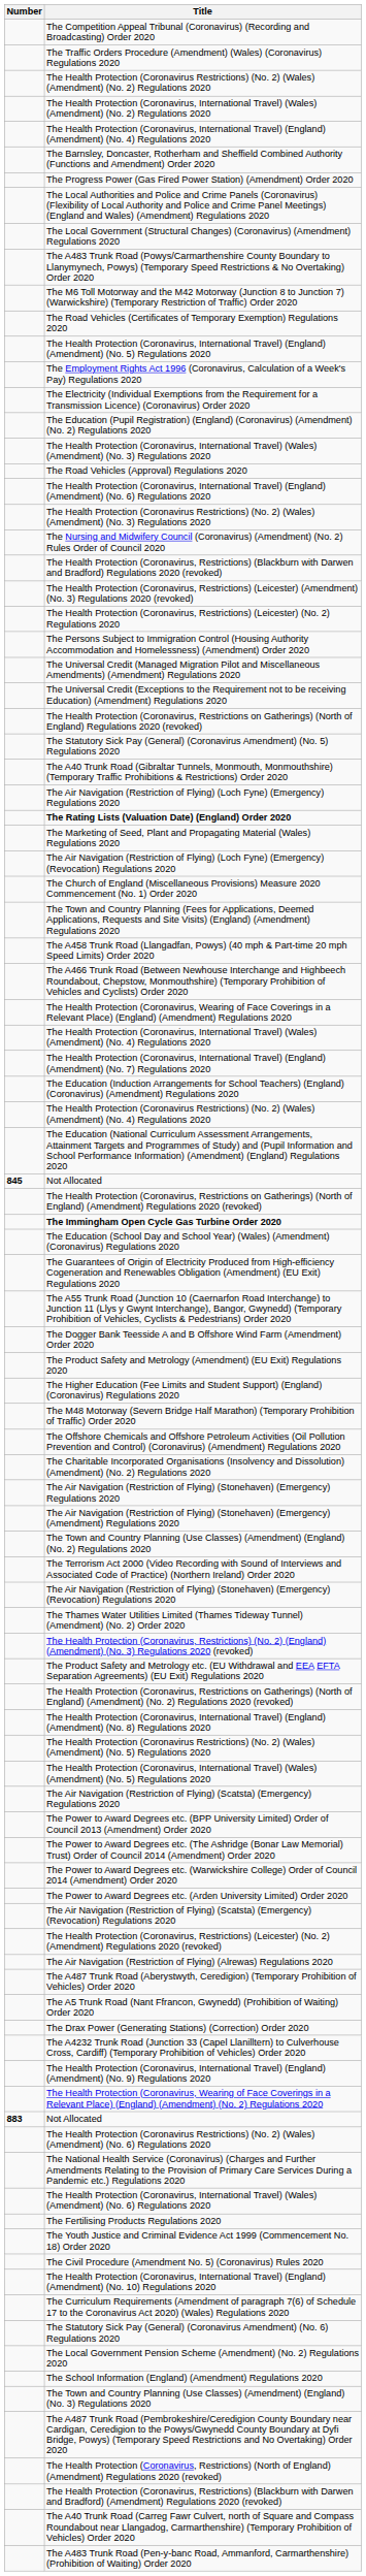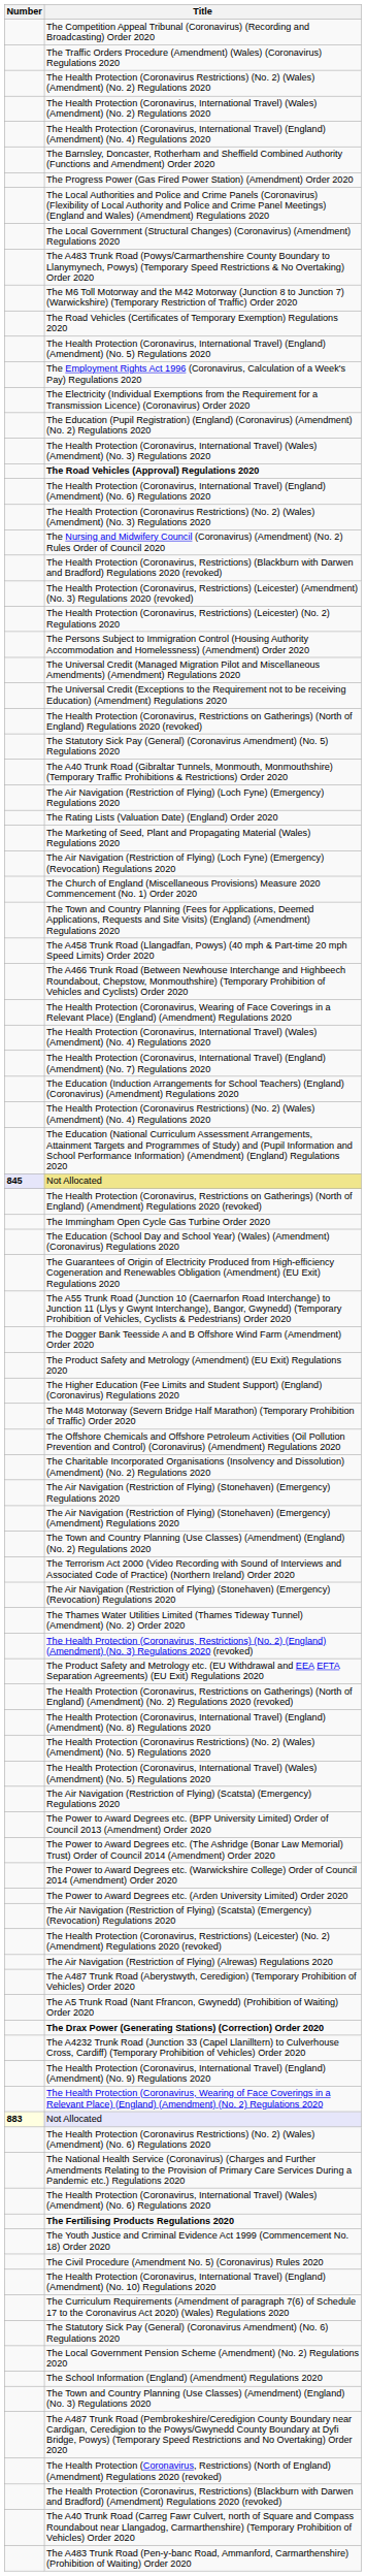 <table class="wikitable collapsible">
 <tr>
 <th>Number</th>
 <th>Title</th>
 </tr>
 <tr>
 <td></td>
 <td>The Competition Appeal Tribunal (Coronavirus) (Recording and Broadcasting) Order 2020</td>
 </tr>
 <tr>
 <td></td>
 <td>The Traffic Orders Procedure (Amendment) (Wales) (Coronavirus) Regulations 2020</td>
 </tr>
 <tr>
 <td></td>
 <td>The Health Protection (Coronavirus Restrictions) (No. 2) (Wales) (Amendment) (No. 2) Regulations 2020</td>
 </tr>
 <tr>
 <td></td>
 <td>The Health Protection (Coronavirus, International Travel) (Wales) (Amendment) (No. 2) Regulations 2020</td>
 </tr>
 <tr>
 <td></td>
 <td>The Health Protection (Coronavirus, International Travel) (England) (Amendment) (No. 4) Regulations 2020</td>
 </tr>
 <tr>
 <td></td>
 <td>The Barnsley, Doncaster, Rotherham and Sheffield Combined Authority (Functions and Amendment) Order 2020</td>
 </tr>
 <tr>
 <td></td>
 <td>The Progress Power (Gas Fired Power Station) (Amendment) Order 2020</td>
 </tr>
 <tr>
 <td></td>
 <td>The Local Authorities and Police and Crime Panels (Coronavirus) (Flexibility of Local Authority and Police and Crime Panel Meetings) (England and Wales) (Amendment) Regulations 2020</td>
 </tr>
 <tr>
 <td></td>
 <td>The Local Government (Structural Changes) (Coronavirus) (Amendment) Regulations 2020</td>
 </tr>
 <tr>
 <td></td>
 <td>The A483 Trunk Road (Powys/Carmarthenshire County Boundary to Llanymynech, Powys) (Temporary Speed Restrictions & No Overtaking) Order 2020</td>
 </tr>
 <tr>
 <td></td>
 <td>The M6 Toll Motorway and the M42 Motorway (Junction 8 to Junction 7) (Warwickshire) (Temporary Restriction of Traffic) Order 2020</td>
 </tr>
 <tr>
 <td></td>
 <td>The Road Vehicles (Certificates of Temporary Exemption) Regulations 2020</td>
 </tr>
 <tr>
 <td></td>
 <td>The Health Protection (Coronavirus, International Travel) (England) (Amendment) (No. 5) Regulations 2020</td>
 </tr>
 <tr>
 <td></td>
 <td>The <a href='#'>Employment Rights Act 1996</a> (Coronavirus, Calculation of a Week's Pay) Regulations 2020</td>
 </tr>
 <tr>
 <td></td>
 <td>The Electricity (Individual Exemptions from the Requirement for a Transmission Licence) (Coronavirus) Order 2020</td>
 </tr>
 <tr>
 <td></td>
 <td>The Education (Pupil Registration) (England) (Coronavirus) (Amendment) (No. 2) Regulations 2020</td>
 </tr>
 <tr>
 <td></td>
 <td>The Health Protection (Coronavirus, International Travel) (Wales) (Amendment) (No. 3) Regulations 2020</td>
 </tr>
 <tr>
 <td></td>
-<td>The Road Vehicles (Approval) Regulations 2020</td>
+<td><strong>The Road Vehicles (Approval) Regulations 2020</strong></td>
 </tr>
 <tr>
 <td></td>
 <td>The Health Protection (Coronavirus, International Travel) (England) (Amendment) (No. 6) Regulations 2020</td>
 </tr>
 <tr>
 <td></td>
 <td>The Health Protection (Coronavirus Restrictions) (No. 2) (Wales) (Amendment) (No. 3) Regulations 2020</td>
 </tr>
 <tr>
 <td></td>
 <td>The <a href='#'>Nursing and Midwifery Council</a> (Coronavirus) (Amendment) (No. 2) Rules Order of Council 2020</td>
 </tr>
 <tr>
 <td></td>
 <td>The Health Protection (Coronavirus, Restrictions) (Blackburn with Darwen and Bradford) Regulations 2020 (revoked)</td>
 </tr>
 <tr>
 <td></td>
 <td>The Health Protection (Coronavirus, Restrictions) (Leicester) (Amendment) (No. 3) Regulations 2020 (revoked)</td>
 </tr>
 <tr>
 <td></td>
 <td>The Health Protection (Coronavirus, Restrictions) (Leicester) (No. 2) Regulations 2020</td>
 </tr>
 <tr>
 <td></td>
 <td>The Persons Subject to Immigration Control (Housing Authority Accommodation and Homelessness) (Amendment) Order 2020</td>
 </tr>
 <tr>
 <td></td>
 <td>The Universal Credit (Managed Migration Pilot and Miscellaneous Amendments) (Amendment) Regulations 2020</td>
 </tr>
 <tr>
 <td></td>
 <td>The Universal Credit (Exceptions to the Requirement not to be receiving Education) (Amendment) Regulations 2020</td>
 </tr>
 <tr>
 <td></td>
 <td>The Health Protection (Coronavirus, Restrictions on Gatherings) (North of England) Regulations 2020 (revoked)</td>
 </tr>
 <tr>
 <td></td>
 <td>The Statutory Sick Pay (General) (Coronavirus Amendment) (No. 5) Regulations 2020</td>
 </tr>
 <tr>
 <td></td>
 <td>The A40 Trunk Road (Gibraltar Tunnels, Monmouth, Monmouthshire) (Temporary Traffic Prohibitions & Restrictions) Order 2020</td>
 </tr>
 <tr>
 <td></td>
 <td>The Air Navigation (Restriction of Flying) (Loch Fyne) (Emergency) Regulations 2020</td>
 </tr>
 <tr>
 <td></td>
-<td><strong>The Rating Lists (Valuation Date) (England) Order 2020</strong></td>
+<td>The Rating Lists (Valuation Date) (England) Order 2020</td>
 </tr>
 <tr>
 <td></td>
 <td>The Marketing of Seed, Plant and Propagating Material (Wales) Regulations 2020</td>
 </tr>
 <tr>
 <td></td>
 <td>The Air Navigation (Restriction of Flying) (Loch Fyne) (Emergency) (Revocation) Regulations 2020</td>
 </tr>
 <tr>
 <td></td>
 <td>The Church of England (Miscellaneous Provisions) Measure 2020 Commencement (No. 1) Order 2020</td>
 </tr>
 <tr>
 <td></td>
 <td>The Town and Country Planning (Fees for Applications, Deemed Applications, Requests and Site Visits) (England) (Amendment) Regulations 2020</td>
 </tr>
 <tr>
 <td></td>
 <td>The A458 Trunk Road (Llangadfan, Powys) (40 mph & Part-time 20 mph Speed Limits) Order 2020</td>
 </tr>
 <tr>
 <td></td>
 <td>The A466 Trunk Road (Between Newhouse Interchange and Highbeech Roundabout, Chepstow, Monmouthshire) (Temporary Prohibition of Vehicles and Cyclists) Order 2020</td>
 </tr>
 <tr>
 <td></td>
 <td>The Health Protection (Coronavirus, Wearing of Face Coverings in a Relevant Place) (England) (Amendment) Regulations 2020</td>
 </tr>
 <tr>
 <td></td>
 <td>The Health Protection (Coronavirus, International Travel) (Wales) (Amendment) (No. 4) Regulations 2020</td>
 </tr>
 <tr>
 <td></td>
 <td>The Health Protection (Coronavirus, International Travel) (England) (Amendment) (No. 7) Regulations 2020</td>
 </tr>
 <tr>
 <td></td>
 <td>The Education (Induction Arrangements for School Teachers) (England) (Coronavirus) (Amendment) Regulations 2020</td>
 </tr>
 <tr>
 <td></td>
 <td>The Health Protection (Coronavirus Restrictions) (No. 2) (Wales) (Amendment) (No. 4) Regulations 2020</td>
 </tr>
 <tr>
 <td></td>
 <td>The Education (National Curriculum Assessment Arrangements, Attainment Targets and Programmes of Study) and (Pupil Information and School Performance Information) (Amendment) (England) Regulations 2020</td>
 </tr>
 <tr>
-<td><strong>845</strong></td>
-<td>Not Allocated</td>
+<td style="background: lavender;"><strong>845</strong></td>
+<td style="background: khaki;">Not Allocated</td>
 </tr>
 <tr>
 <td></td>
 <td>The Health Protection (Coronavirus, Restrictions on Gatherings) (North of England) (Amendment) Regulations 2020 (revoked)</td>
 </tr>
 <tr>
 <td></td>
-<td><strong>The Immingham Open Cycle Gas Turbine Order 2020</strong></td>
+<td>The Immingham Open Cycle Gas Turbine Order 2020</td>
 </tr>
 <tr>
 <td></td>
 <td>The Education (School Day and School Year) (Wales) (Amendment) (Coronavirus) Regulations 2020</td>
 </tr>
 <tr>
 <td></td>
 <td>The Guarantees of Origin of Electricity Produced from High-efficiency Cogeneration and Renewables Obligation (Amendment) (EU Exit) Regulations 2020</td>
 </tr>
 <tr>
 <td></td>
 <td>The A55 Trunk Road (Junction 10 (Caernarfon Road Interchange) to Junction 11 (Llys y Gwynt Interchange), Bangor, Gwynedd) (Temporary Prohibition of Vehicles, Cyclists & Pedestrians) Order 2020</td>
 </tr>
 <tr>
 <td></td>
 <td>The Dogger Bank Teesside A and B Offshore Wind Farm (Amendment) Order 2020</td>
 </tr>
 <tr>
 <td></td>
 <td>The Product Safety and Metrology (Amendment) (EU Exit) Regulations 2020</td>
 </tr>
 <tr>
 <td></td>
 <td>The Higher Education (Fee Limits and Student Support) (England) (Coronavirus) Regulations 2020</td>
 </tr>
 <tr>
 <td></td>
 <td>The M48 Motorway (Severn Bridge Half Marathon) (Temporary Prohibition of Traffic) Order 2020</td>
 </tr>
 <tr>
 <td></td>
 <td>The Offshore Chemicals and Offshore Petroleum Activities (Oil Pollution Prevention and Control) (Coronavirus) (Amendment) Regulations 2020</td>
 </tr>
 <tr>
 <td></td>
 <td>The Charitable Incorporated Organisations (Insolvency and Dissolution) (Amendment) (No. 2) Regulations 2020</td>
 </tr>
 <tr>
 <td></td>
 <td>The Air Navigation (Restriction of Flying) (Stonehaven) (Emergency) Regulations 2020</td>
 </tr>
 <tr>
 <td></td>
 <td>The Air Navigation (Restriction of Flying) (Stonehaven) (Emergency) (Amendment) Regulations 2020</td>
 </tr>
 <tr>
 <td></td>
 <td>The Town and Country Planning (Use Classes) (Amendment) (England) (No. 2) Regulations 2020</td>
 </tr>
 <tr>
 <td></td>
 <td>The Terrorism Act 2000 (Video Recording with Sound of Interviews and Associated Code of Practice) (Northern Ireland) Order 2020</td>
 </tr>
 <tr>
 <td></td>
 <td>The Air Navigation (Restriction of Flying) (Stonehaven) (Emergency) (Revocation) Regulations 2020</td>
 </tr>
 <tr>
 <td></td>
 <td>The Thames Water Utilities Limited (Thames Tideway Tunnel) (Amendment) (No. 2) Order 2020</td>
 </tr>
 <tr>
 <td></td>
 <td><a href='#'>The Health Protection (Coronavirus, Restrictions) (No. 2) (England) (Amendment) (No. 3) Regulations 2020</a> (revoked)</td>
 </tr>
 <tr>
 <td></td>
 <td>The Product Safety and Metrology etc. (EU Withdrawal and <a href='#'>EEA</a> <a href='#'>EFTA</a> Separation Agreements) (EU Exit) Regulations 2020</td>
 </tr>
 <tr>
 <td></td>
 <td>The Health Protection (Coronavirus, Restrictions on Gatherings) (North of England) (Amendment) (No. 2) Regulations 2020 (revoked)</td>
 </tr>
 <tr>
 <td></td>
 <td>The Health Protection (Coronavirus, International Travel) (England) (Amendment) (No. 8) Regulations 2020</td>
 </tr>
 <tr>
 <td></td>
 <td>The Health Protection (Coronavirus Restrictions) (No. 2) (Wales) (Amendment) (No. 5) Regulations 2020</td>
 </tr>
 <tr>
 <td></td>
 <td>The Health Protection (Coronavirus, International Travel) (Wales) (Amendment) (No. 5) Regulations 2020</td>
 </tr>
 <tr>
 <td></td>
 <td>The Air Navigation (Restriction of Flying) (Scatsta) (Emergency) Regulations 2020</td>
 </tr>
 <tr>
 <td></td>
 <td>The Power to Award Degrees etc. (BPP University Limited) Order of Council 2013 (Amendment) Order 2020</td>
 </tr>
 <tr>
 <td></td>
 <td>The Power to Award Degrees etc. (The Ashridge (Bonar Law Memorial) Trust) Order of Council 2014 (Amendment) Order 2020</td>
 </tr>
 <tr>
 <td></td>
 <td>The Power to Award Degrees etc. (Warwickshire College) Order of Council 2014 (Amendment) Order 2020</td>
 </tr>
 <tr>
 <td></td>
 <td>The Power to Award Degrees etc. (Arden University Limited) Order 2020</td>
 </tr>
 <tr>
 <td></td>
 <td>The Air Navigation (Restriction of Flying) (Scatsta) (Emergency) (Revocation) Regulations 2020</td>
 </tr>
 <tr>
 <td></td>
 <td>The Health Protection (Coronavirus, Restrictions) (Leicester) (No. 2) (Amendment) Regulations 2020 (revoked)</td>
 </tr>
 <tr>
 <td></td>
 <td>The Air Navigation (Restriction of Flying) (Alrewas) Regulations 2020</td>
 </tr>
 <tr>
 <td></td>
 <td>The A487 Trunk Road (Aberystwyth, Ceredigion) (Temporary Prohibition of Vehicles) Order 2020</td>
 </tr>
 <tr>
 <td></td>
 <td>The A5 Trunk Road (Nant Ffrancon, Gwynedd) (Prohibition of Waiting) Order 2020</td>
 </tr>
 <tr>
 <td></td>
-<td>The Drax Power (Generating Stations) (Correction) Order 2020</td>
+<td><strong>The Drax Power (Generating Stations) (Correction) Order 2020</strong></td>
 </tr>
 <tr>
 <td></td>
 <td>The A4232 Trunk Road (Junction 33 (Capel Llanilltern) to Culverhouse Cross, Cardiff) (Temporary Prohibition of Vehicles) Order 2020</td>
 </tr>
 <tr>
 <td></td>
 <td>The Health Protection (Coronavirus, International Travel) (England) (Amendment) (No. 9) Regulations 2020</td>
 </tr>
 <tr>
 <td></td>
 <td><a href='#'>The Health Protection (Coronavirus, Wearing of Face Coverings in a Relevant Place) (England) (Amendment) (No. 2) Regulations 2020</a></td>
 </tr>
 <tr>
-<td><strong>883</strong></td>
-<td>Not Allocated</td>
+<td style="background: lightyellow;"><strong>883</strong></td>
+<td style="background: lavender;">Not Allocated</td>
 </tr>
 <tr>
 <td></td>
 <td>The Health Protection (Coronavirus Restrictions) (No. 2) (Wales) (Amendment) (No. 6) Regulations 2020</td>
 </tr>
 <tr>
 <td></td>
 <td>The National Health Service (Coronavirus) (Charges and Further Amendments Relating to the Provision of Primary Care Services During a Pandemic etc.) Regulations 2020</td>
 </tr>
 <tr>
 <td></td>
 <td>The Health Protection (Coronavirus, International Travel) (Wales) (Amendment) (No. 6) Regulations 2020</td>
 </tr>
 <tr>
 <td></td>
-<td>The Fertilising Products Regulations 2020</td>
+<td><strong>The Fertilising Products Regulations 2020</strong></td>
 </tr>
 <tr>
 <td></td>
 <td>The Youth Justice and Criminal Evidence Act 1999 (Commencement No. 18) Order 2020</td>
 </tr>
 <tr>
 <td></td>
 <td>The Civil Procedure (Amendment No. 5) (Coronavirus) Rules 2020</td>
 </tr>
 <tr>
 <td></td>
 <td>The Health Protection (Coronavirus, International Travel) (England) (Amendment) (No. 10) Regulations 2020</td>
 </tr>
 <tr>
 <td></td>
 <td>The Curriculum Requirements (Amendment of paragraph 7(6) of Schedule 17 to the Coronavirus Act 2020) (Wales) Regulations 2020</td>
 </tr>
 <tr>
 <td></td>
 <td>The Statutory Sick Pay (General) (Coronavirus Amendment) (No. 6) Regulations 2020</td>
 </tr>
 <tr>
 <td></td>
 <td>The Local Government Pension Scheme (Amendment) (No. 2) Regulations 2020</td>
 </tr>
 <tr>
 <td></td>
 <td>The School Information (England) (Amendment) Regulations 2020</td>
 </tr>
 <tr>
 <td></td>
 <td>The Town and Country Planning (Use Classes) (Amendment) (England) (No. 3) Regulations 2020</td>
 </tr>
 <tr>
 <td></td>
 <td>The A487 Trunk Road (Pembrokeshire/Ceredigion County Boundary near Cardigan, Ceredigion to the Powys/Gwynedd County Boundary at Dyfi Bridge, Powys) (Temporary Speed Restrictions and No Overtaking) Order 2020</td>
 </tr>
 <tr>
 <td></td>
 <td>The Health Protection (<a href='#'>Coronavirus</a>, Restrictions) (North of England) (Amendment) Regulations 2020 (revoked)</td>
 </tr>
 <tr>
 <td></td>
 <td>The Health Protection (Coronavirus, Restrictions) (Blackburn with Darwen and Bradford) (Amendment) Regulations 2020 (revoked)</td>
 </tr>
 <tr>
 <td></td>
 <td>The A40 Trunk Road (Carreg Fawr Culvert, north of Square and Compass Roundabout near Llangadog, Carmarthenshire) (Temporary Prohibition of Vehicles) Order 2020</td>
 </tr>
 <tr>
 <td></td>
 <td>The A483 Trunk Road (Pen-y-banc Road, Ammanford, Carmarthenshire) (Prohibition of Waiting) Order 2020</td>
 </tr>
 </table>
